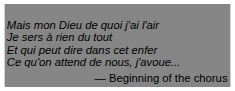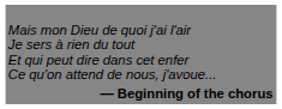 <table class="toccolours" style="float: left; margin-left: 1em; margin-right: 2em; font-size: 85%; background:#868686; color:black; width:20em; max-width:20%;" cellspacing="2">
 <tr>
 <td style="text-align: left;"><br><em>Mais mon Dieu de quoi j'ai l'air</em><br> <em>Je sers à rien du tout</em><br> <em>Et qui peut dire dans cet enfer</em><br> <em>Ce qu'on attend de nous, j'avoue...</em></td>
 </tr>
 <tr>
-<td style="text-align: right;">— Beginning of the chorus</td>
+<td style="text-align: right;"><strong>— Beginning of the chorus</strong></td>
 </tr>
 </table>
